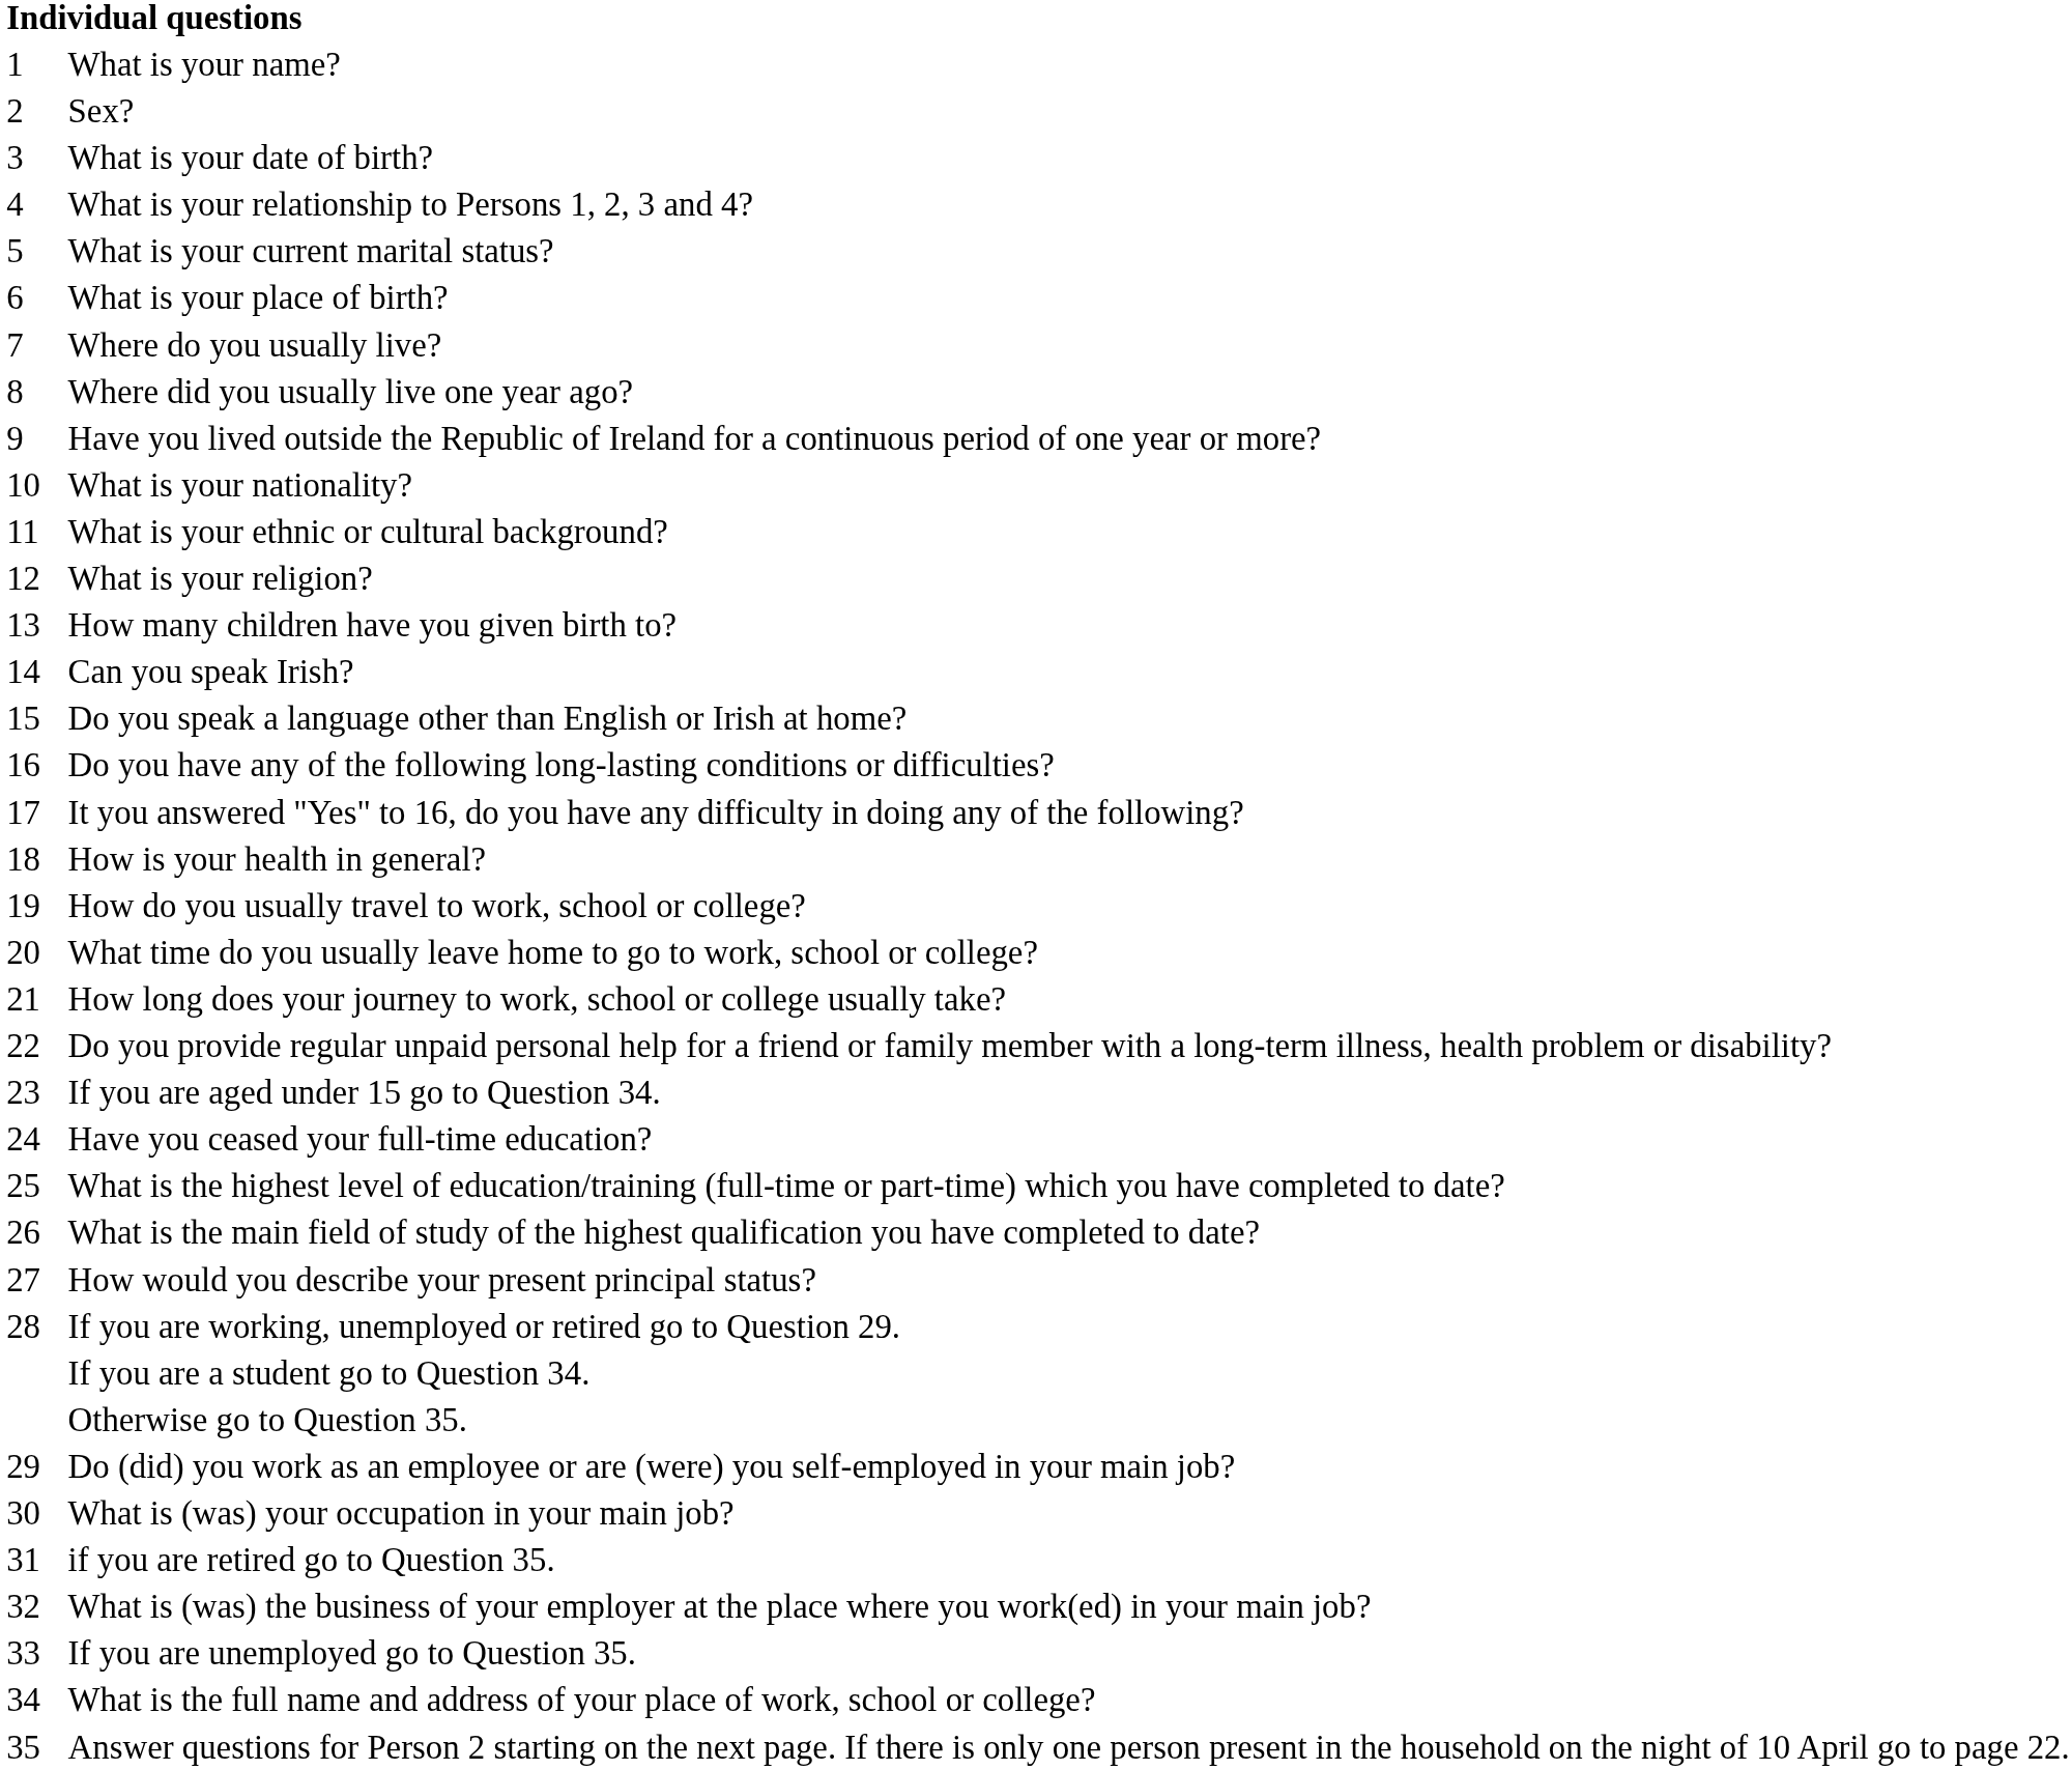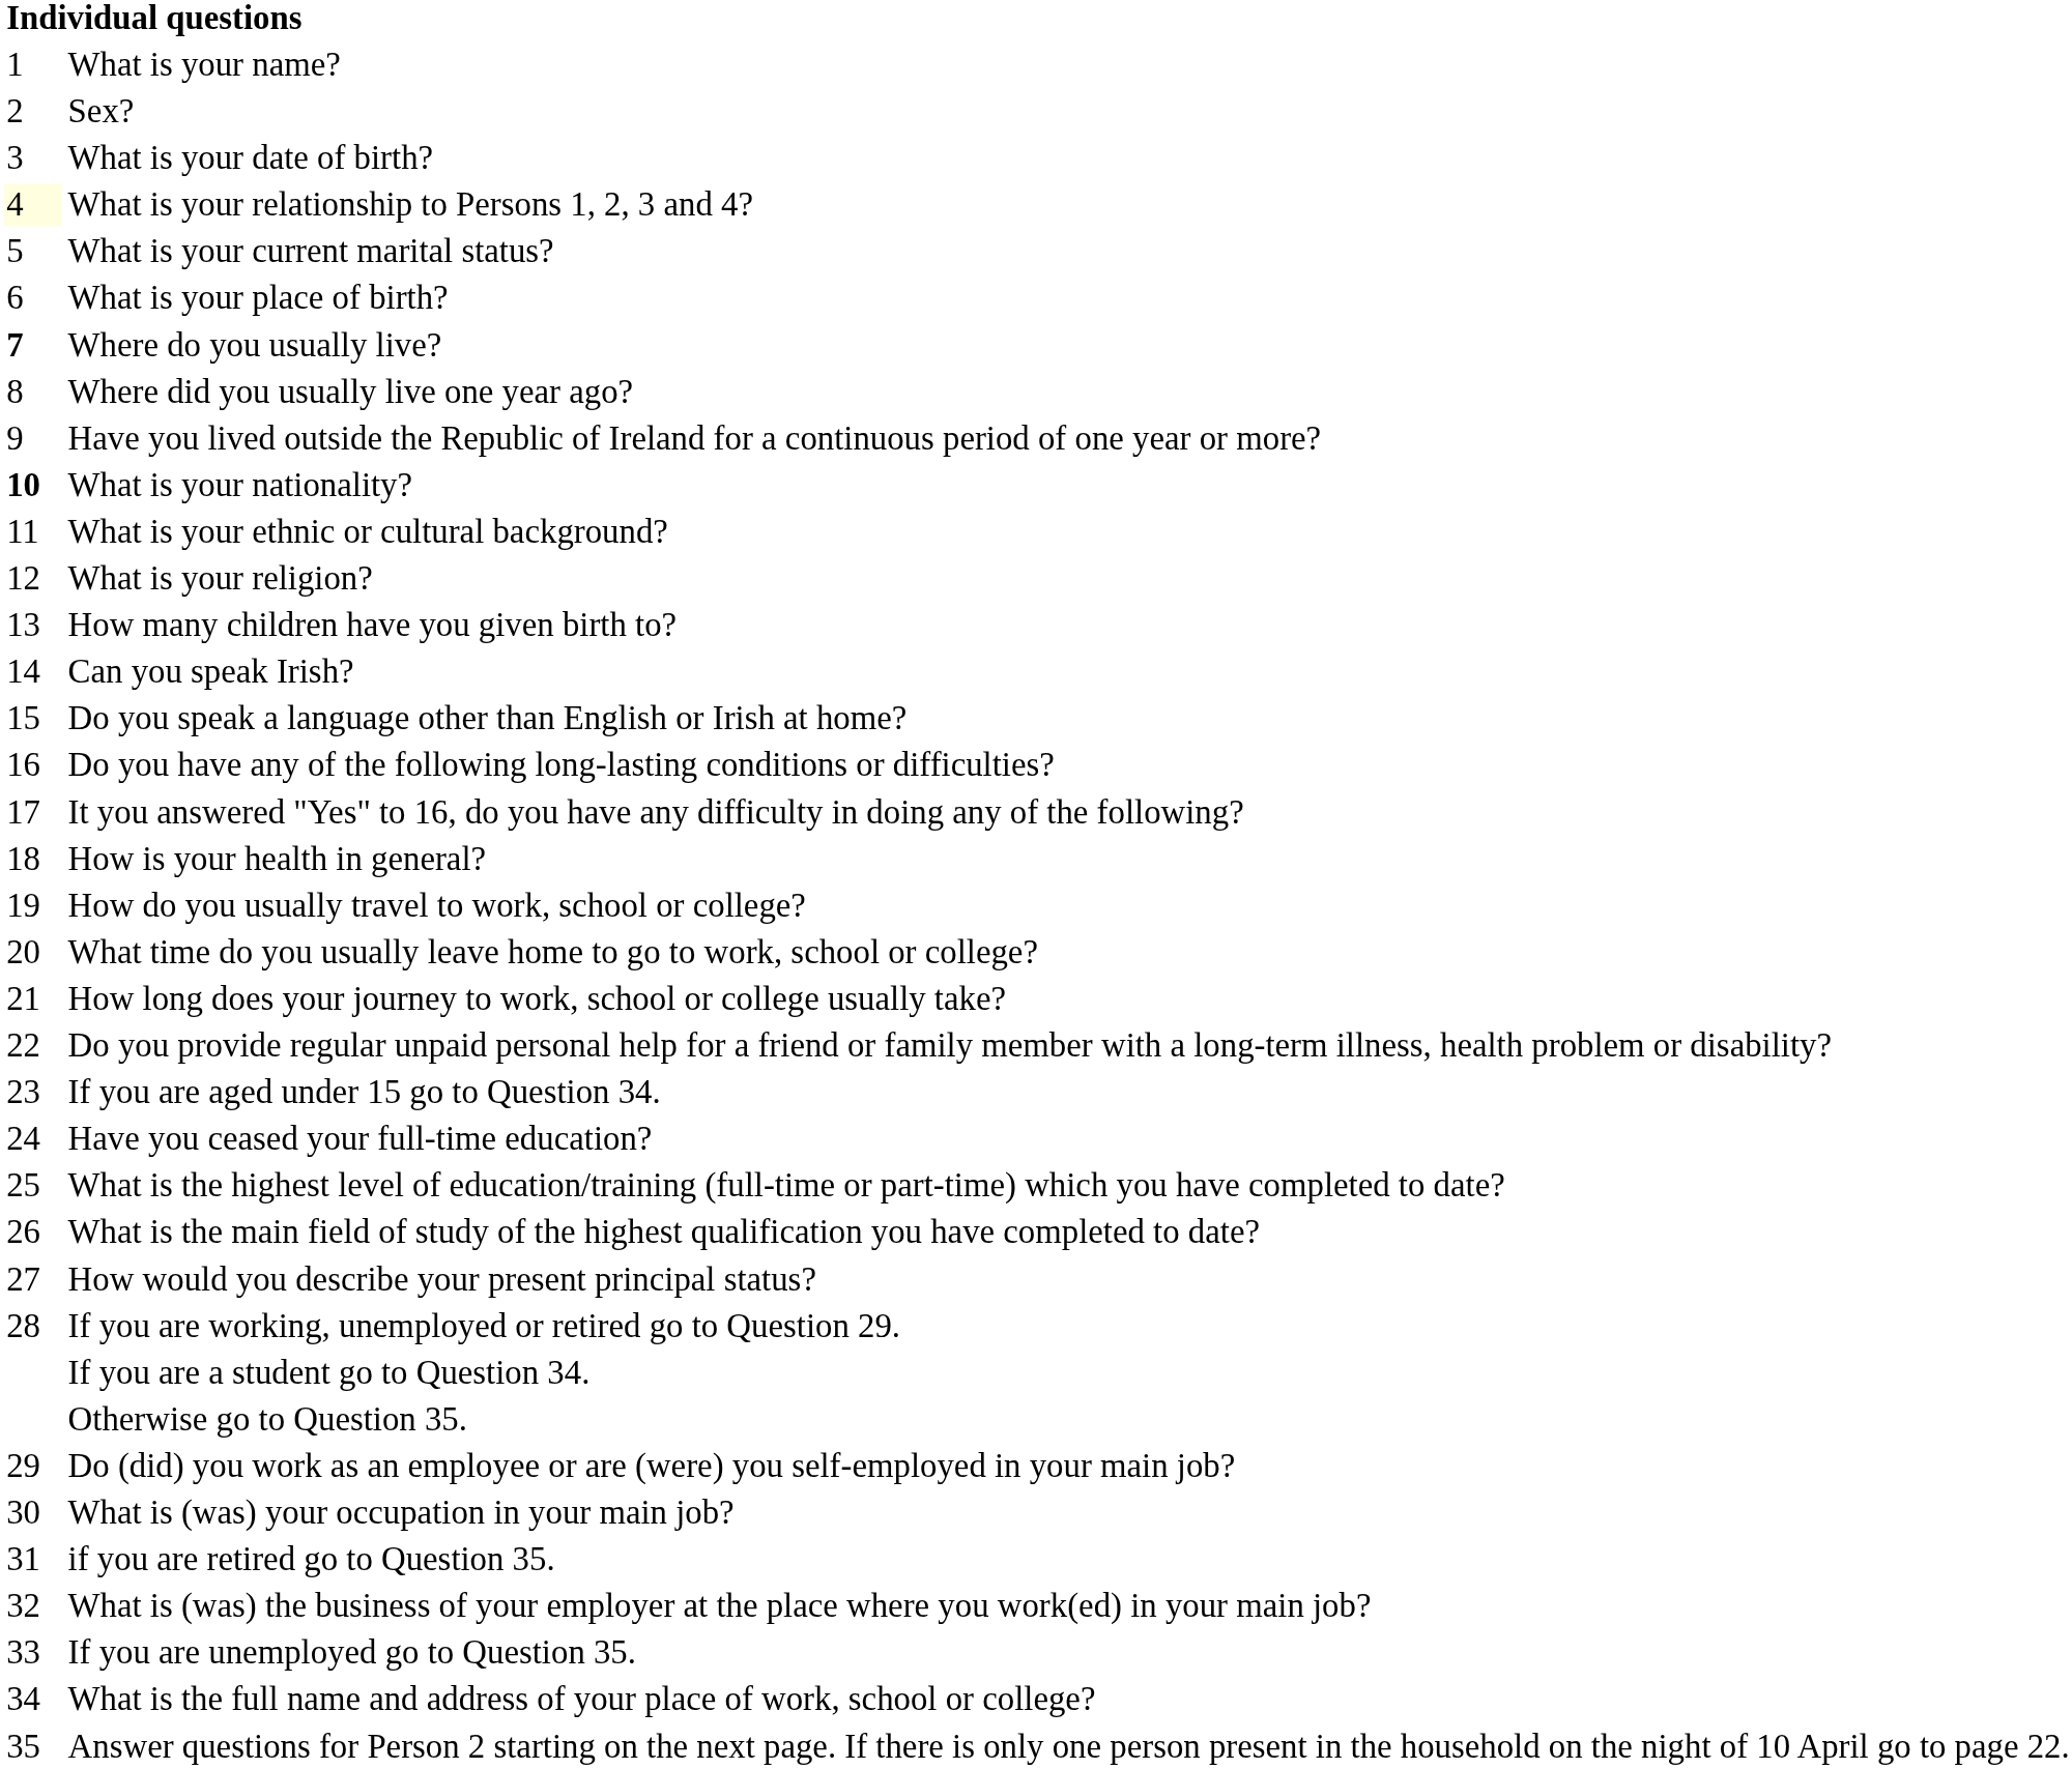 <table>
 <tr>
 <td colspan="2"><strong>Individual questions</strong></td>
 </tr>
 <tr>
 <td width="25">1</td>
 <td>What is your name?</td>
 </tr>
 <tr>
 <td>2</td>
 <td>Sex?</td>
 </tr>
 <tr>
 <td>3</td>
 <td>What is your date of birth?</td>
 </tr>
 <tr>
-<td>4</td>
+<td style="background: lightyellow;">4</td>
 <td>What is your relationship to Persons 1, 2, 3 and 4?</td>
 </tr>
 <tr>
 <td>5</td>
 <td>What is your current marital status?</td>
 </tr>
 <tr>
 <td>6</td>
 <td>What is your place of birth?</td>
 </tr>
 <tr>
-<td>7</td>
+<td><strong>7</strong></td>
 <td>Where do you usually live?</td>
 </tr>
 <tr>
 <td>8</td>
 <td>Where did you usually live one year ago?</td>
 </tr>
 <tr>
 <td>9</td>
 <td>Have you lived outside the Republic of Ireland for a continuous period of one year or more?</td>
 </tr>
 <tr>
-<td>10</td>
+<td><strong>10</strong></td>
 <td>What is your nationality?</td>
 </tr>
 <tr>
 <td>11</td>
 <td>What is your ethnic or cultural background?</td>
 </tr>
 <tr>
 <td>12</td>
 <td>What is your religion?</td>
 </tr>
 <tr>
 <td>13</td>
 <td>How many children have you given birth to?</td>
 </tr>
 <tr>
 <td>14</td>
 <td>Can you speak Irish?</td>
 </tr>
 <tr>
 <td>15</td>
 <td>Do you speak a language other than English or Irish at home?</td>
 </tr>
 <tr>
 <td>16</td>
 <td>Do you have any of the following long-lasting conditions or difficulties?</td>
 </tr>
 <tr>
 <td>17</td>
 <td>It you answered "Yes" to 16, do you have any difficulty in doing any of the following?</td>
 </tr>
 <tr>
 <td>18</td>
 <td>How is your health in general?</td>
 </tr>
 <tr>
 <td>19</td>
 <td>How do you usually travel to work, school or college?</td>
 </tr>
 <tr>
 <td>20</td>
 <td>What time do you usually leave home to go to work, school or college?</td>
 </tr>
 <tr>
 <td>21</td>
 <td>How long does your journey to work, school or college usually take?</td>
 </tr>
 <tr>
 <td>22</td>
 <td>Do you provide regular unpaid personal help for a friend or family member with a long-term illness, health problem or disability?</td>
 </tr>
 <tr>
 <td>23</td>
 <td>If you are aged under 15 go to Question 34.</td>
 </tr>
 <tr>
 <td>24</td>
 <td>Have you ceased your full-time education?</td>
 </tr>
 <tr>
 <td>25</td>
 <td>What is the highest level of education/training (full-time or part-time) which you have completed to date?</td>
 </tr>
 <tr>
 <td>26</td>
 <td>What is the main field of study of the highest qualification you have completed to date?</td>
 </tr>
 <tr>
 <td>27</td>
 <td>How would you describe your present principal status?</td>
 </tr>
 <tr>
 <td>28</td>
 <td>If you are working, unemployed or retired go to Question 29.</td>
 </tr>
 <tr>
 <td></td>
 <td>If you are a student go to Question 34.</td>
 </tr>
 <tr>
 <td></td>
 <td>Otherwise go to Question 35.</td>
 </tr>
 <tr>
 <td>29</td>
 <td>Do (did) you work as an employee or are (were) you self-employed in your main job?</td>
 </tr>
 <tr>
 <td>30</td>
 <td>What is (was) your occupation in your main job?</td>
 </tr>
 <tr>
 <td>31</td>
 <td>if you are retired go to Question 35.</td>
 </tr>
 <tr>
 <td>32</td>
 <td>What is (was) the business of your employer at the place where you work(ed) in your main job?</td>
 </tr>
 <tr>
 <td>33</td>
 <td>If you are unemployed go to Question 35.</td>
 </tr>
 <tr>
 <td>34</td>
 <td>What is the full name and address of your place of work, school or college?</td>
 </tr>
 <tr>
 <td>35</td>
 <td>Answer questions for Person 2 starting on the next page. If there is only one person present in the household on the night of 10 April go to page 22.</td>
 </tr>
 </table>
